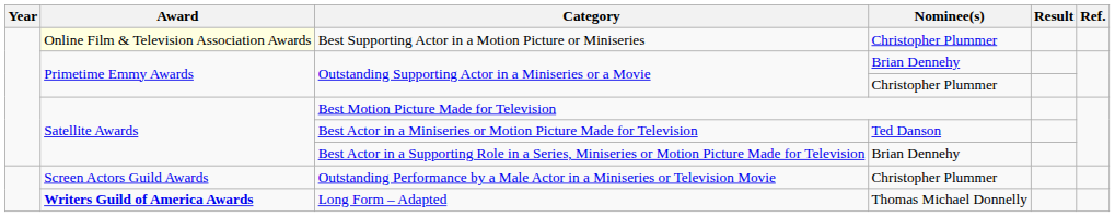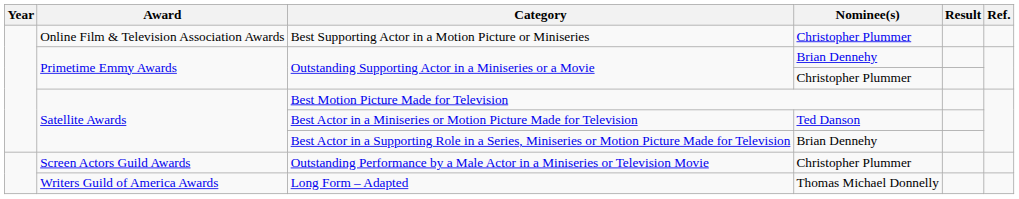 <table class="wikitable plainrowheaders">
 <tr>
 <th>Year</th>
 <th>Award</th>
 <th>Category</th>
 <th>Nominee(s)</th>
 <th>Result</th>
 <th>Ref.</th>
 </tr>
 <tr>
 <td rowspan="6"></td>
-<td style="background: lightyellow;">Online Film & Television Association Awards</td>
+<td>Online Film & Television Association Awards</td>
 <td>Best Supporting Actor in a Motion Picture or Miniseries</td>
 <td><a href='#'>Christopher Plummer</a></td>
 <td></td>
 <td align="center"></td>
 </tr>
 <tr>
 <td rowspan="2"><a href='#'>Primetime Emmy Awards</a></td>
 <td rowspan="2"><a href='#'>Outstanding Supporting Actor in a Miniseries or a Movie</a></td>
 <td><a href='#'>Brian Dennehy</a></td>
 <td></td>
 <td align="center" rowspan="2"></td>
 </tr>
 <tr>
 <td>Christopher Plummer</td>
 <td></td>
 </tr>
 <tr>
 <td rowspan="3"><a href='#'>Satellite Awards</a></td>
 <td colspan="2"><a href='#'>Best Motion Picture Made for Television</a></td>
 <td></td>
 <td align="center" rowspan="3"></td>
 </tr>
 <tr>
 <td><a href='#'>Best Actor in a Miniseries or Motion Picture Made for Television</a></td>
 <td><a href='#'>Ted Danson</a></td>
 <td></td>
 </tr>
 <tr>
 <td><a href='#'>Best Actor in a Supporting Role in a Series, Miniseries or Motion Picture Made for Television</a></td>
 <td>Brian Dennehy</td>
 <td></td>
 </tr>
 <tr>
 <td rowspan="2"></td>
 <td><a href='#'>Screen Actors Guild Awards</a></td>
 <td><a href='#'>Outstanding Performance by a Male Actor in a Miniseries or Television Movie</a></td>
 <td>Christopher Plummer</td>
 <td></td>
 <td align="center"></td>
 </tr>
 <tr>
-<td><strong><a href='#'>Writers Guild of America Awards</a></strong></td>
+<td><a href='#'>Writers Guild of America Awards</a></td>
 <td><a href='#'>Long Form – Adapted</a></td>
 <td>Thomas Michael Donnelly</td>
 <td></td>
 <td align="center"></td>
 </tr>
 </table>
